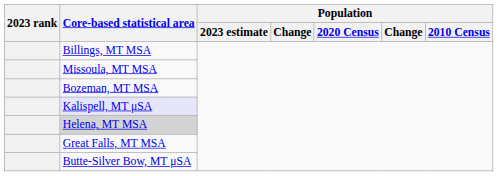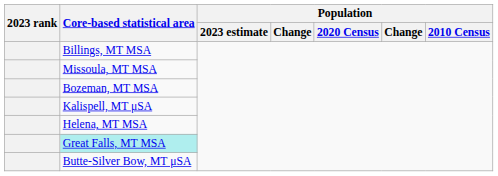 <table class="wikitable sortable">
 <tr>
 <th scope=col rowspan=2>2023 rank</th>
 <th scope=col rowspan=2><a href='#'>Core-based statistical area</a></th>
 <th colspan=5>Population</th>
 </tr>
 <tr>
 <th scope=col>2023 estimate</th>
 <th scope=col>Change</th>
 <th scope=col><a href='#'>2020 Census</a></th>
 <th scope=col>Change</th>
 <th scope=col><a href='#'>2010 Census</a></th>
 </tr>
 <tr>
 <th scope=row></th>
 <td><a href='#'>Billings, MT MSA</a><br></td>
 </tr>
 <tr>
 <th scope=row></th>
 <td><a href='#'>Missoula, MT MSA</a><br></td>
 </tr>
 <tr>
 <th scope=row></th>
 <td><a href='#'>Bozeman, MT MSA</a><br></td>
 </tr>
 <tr>
 <th scope=row></th>
-<td style="background: lavender;"><a href='#'>Kalispell, MT μSA</a><br></td>
+<td><a href='#'>Kalispell, MT μSA</a><br></td>
 </tr>
 <tr>
 <th scope=row></th>
-<td style="background: lightgrey;"><a href='#'>Helena, MT MSA</a><br></td>
+<td><a href='#'>Helena, MT MSA</a><br></td>
 </tr>
 <tr>
 <th scope=row></th>
-<td><a href='#'>Great Falls, MT MSA</a><br></td>
+<td style="background: paleturquoise;"><a href='#'>Great Falls, MT MSA</a><br></td>
 </tr>
 <tr>
 <th scope=row></th>
 <td><a href='#'>Butte-Silver Bow, MT μSA</a><br></td>
 </tr>
 </table>
